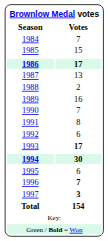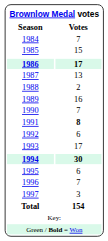 <table style="margin-right:4px; margin-top:8px; float:right; border:1px #000 solid; border-radius:8px; background:#fff; font-family:Verdana; font-size:8pt; text-align:center;">
 <tr style="background:#fff;">
 <td colspan="2;" style="padding:3px; margin-bottom:-3px; margin-top:2px; font-family:Arial; "><strong><a href='#'>Brownlow Medal</a> votes</strong></td>
 </tr>
 <tr>
 <th style="width:50%;">Season</th>
 <th style="width:50%;">Votes</th>
 </tr>
 <tr>
 <td><a href='#'>1984</a></td>
 <td>7</td>
 </tr>
 <tr>
 <td><a href='#'>1985</a></td>
 <td>15</td>
 </tr>
 <tr>
 </tr>
 <tr style="background:#D9F9E9;">
 <td><strong><a href='#'>1986</a></strong></td>
 <td><strong>17</strong></td>
 </tr>
 <tr>
 <td><a href='#'>1987</a></td>
 <td>13</td>
 </tr>
 <tr>
 <td><a href='#'>1988</a></td>
 <td>2</td>
 </tr>
 <tr>
 <td><a href='#'>1989</a></td>
 <td>16</td>
 </tr>
 <tr>
 <td><a href='#'>1990</a></td>
 <td>7</td>
 </tr>
 <tr>
 <td><a href='#'>1991</a></td>
-<td>8</td>
+<td><strong>8</strong></td>
 </tr>
 <tr>
 <td><a href='#'>1992</a></td>
 <td>6</td>
 </tr>
 <tr>
 <td><a href='#'>1993</a></td>
-<td><strong>17</strong></td>
+<td>17</td>
 </tr>
 <tr>
 </tr>
 <tr style="background:#D9F9E9;">
 <td><strong><a href='#'>1994</a></strong></td>
 <td><strong>30</strong></td>
 </tr>
 <tr>
 <td><a href='#'>1995</a></td>
 <td>6</td>
 </tr>
 <tr>
 <td><a href='#'>1996</a></td>
-<td><strong>7</strong></td>
+<td>7</td>
 </tr>
 <tr>
 <td><a href='#'>1997</a></td>
-<td><strong>3</strong></td>
+<td>3</td>
 </tr>
 <tr>
 <td><strong>Total</strong></td>
 <td><strong>154</strong></td>
 </tr>
 <tr>
 <td colspan=2><small>Key:</small></td>
 </tr>
 <tr style="background:#d9f9e9; border:1px solid #aaa; width:2em;">
 <td colspan=2><small>Green / <strong>Bold</strong> = <a href='#'>Won</a></small></td>
 </tr>
 </table>
